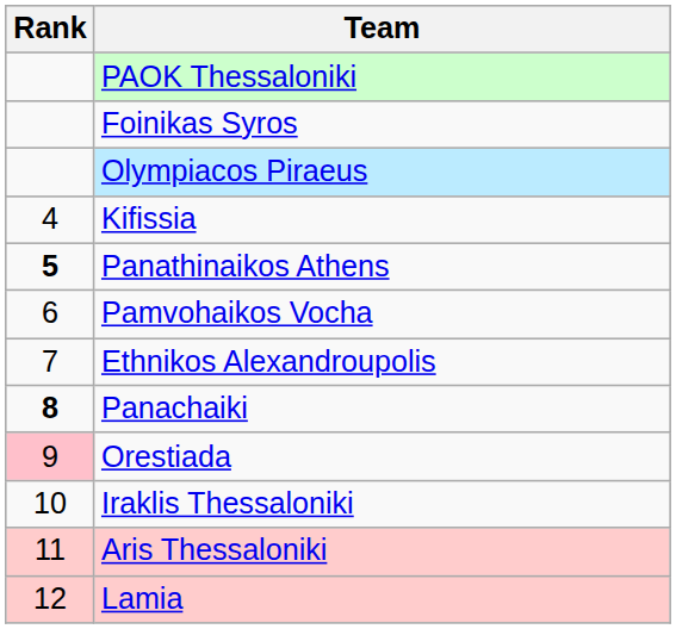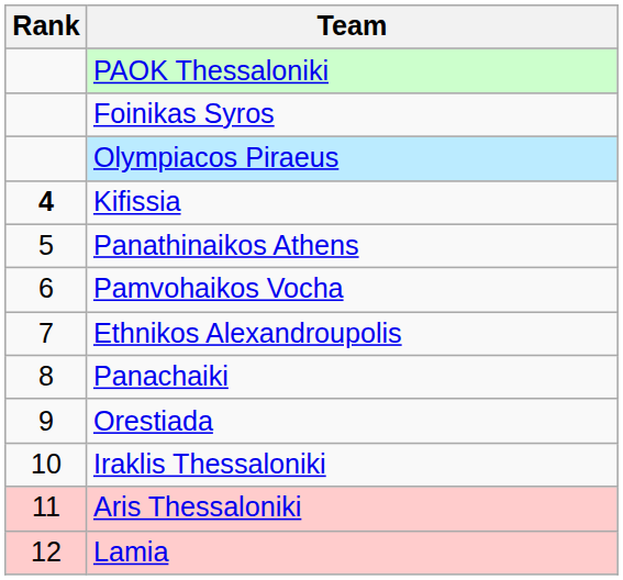 <table class="wikitable" style="text-align: center;">
 <tr>
 <th width=40>Rank</th>
 <th width=300>Team</th>
 </tr>
 <tr>
 <td></td>
 <td align=left bgcolor=#ccffcc><a href='#'>PAOK Thessaloniki</a></td>
 </tr>
 <tr>
 <td></td>
 <td align=left><a href='#'>Foinikas Syros</a></td>
 </tr>
 <tr>
 <td></td>
 <td align=left bgcolor=#bbebff><a href='#'>Olympiacos Piraeus</a></td>
 </tr>
 <tr>
-<td>4</td>
+<td><strong>4</strong></td>
 <td align="left"><a href='#'>Kifissia</a></td>
 </tr>
 <tr>
-<td><strong>5</strong></td>
+<td>5</td>
 <td align="left"><a href='#'>Panathinaikos Athens</a></td>
 </tr>
 <tr>
 <td>6</td>
 <td align="left"><a href='#'>Pamvohaikos Vocha</a></td>
 </tr>
 <tr>
 <td>7</td>
 <td align="left"><a href='#'>Ethnikos Alexandroupolis</a></td>
 </tr>
 <tr>
-<td><strong>8</strong></td>
+<td>8</td>
 <td align="left"><a href='#'>Panachaiki</a></td>
 </tr>
 <tr>
-<td style="background: pink;">9</td>
+<td>9</td>
 <td align="left"><a href='#'>Orestiada</a></td>
 </tr>
 <tr>
 <td>10</td>
 <td align="left"><a href='#'>Iraklis Thessaloniki</a></td>
 </tr>
 <tr bgcolor="FFCCCC">
 <td>11</td>
 <td align="left"><a href='#'>Aris Thessaloniki</a></td>
 </tr>
 <tr bgcolor="FFCCCC">
 <td>12</td>
 <td align="left"><a href='#'>Lamia</a></td>
 </tr>
 </table>
